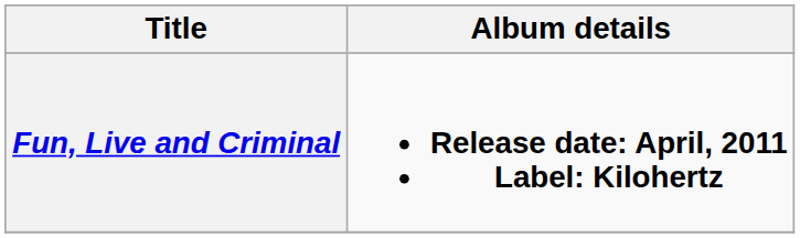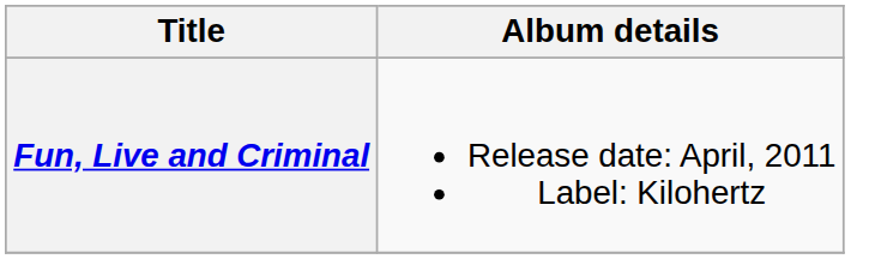 <table class="wikitable plainrowheaders" style="text-align:center;">
 <tr>
 <th scope="col">Title</th>
 <th scope="col">Album details</th>
 </tr>
 <tr>
 <th scope="row"><em><a href='#'>Fun, Live and Criminal</a></em></th>
-<td><strong><br><ul><li>Release date: April, 2011</li><li>Label: Kilohertz</li></ul></strong></td>
+<td><br><ul><li>Release date: April, 2011</li><li>Label: Kilohertz</li></ul></td>
 </tr>
 <tr>
 </tr>
 </table>
